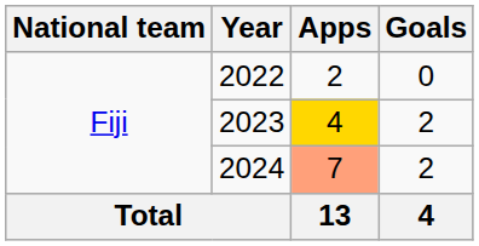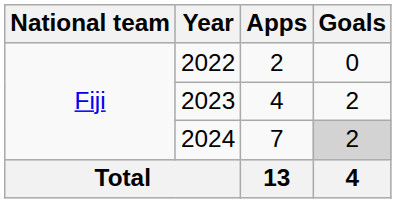 <table class="wikitable" style="text-align:center">
 <tr>
 <th>National team</th>
 <th>Year</th>
 <th>Apps</th>
 <th>Goals</th>
 </tr>
 <tr>
 <td rowspan="3"><a href='#'>Fiji</a></td>
 <td>2022</td>
 <td>2</td>
 <td>0</td>
 </tr>
 <tr>
 <td>2023</td>
-<td style="background: gold;">4</td>
+<td>4</td>
 <td>2</td>
 </tr>
 <tr>
 <td>2024</td>
-<td style="background: lightsalmon;">7</td>
-<td>2</td>
+<td>7</td>
+<td style="background: lightgrey;">2</td>
 </tr>
 <tr>
 <th colspan="2">Total</th>
 <th>13</th>
 <th>4</th>
 </tr>
 </table>
